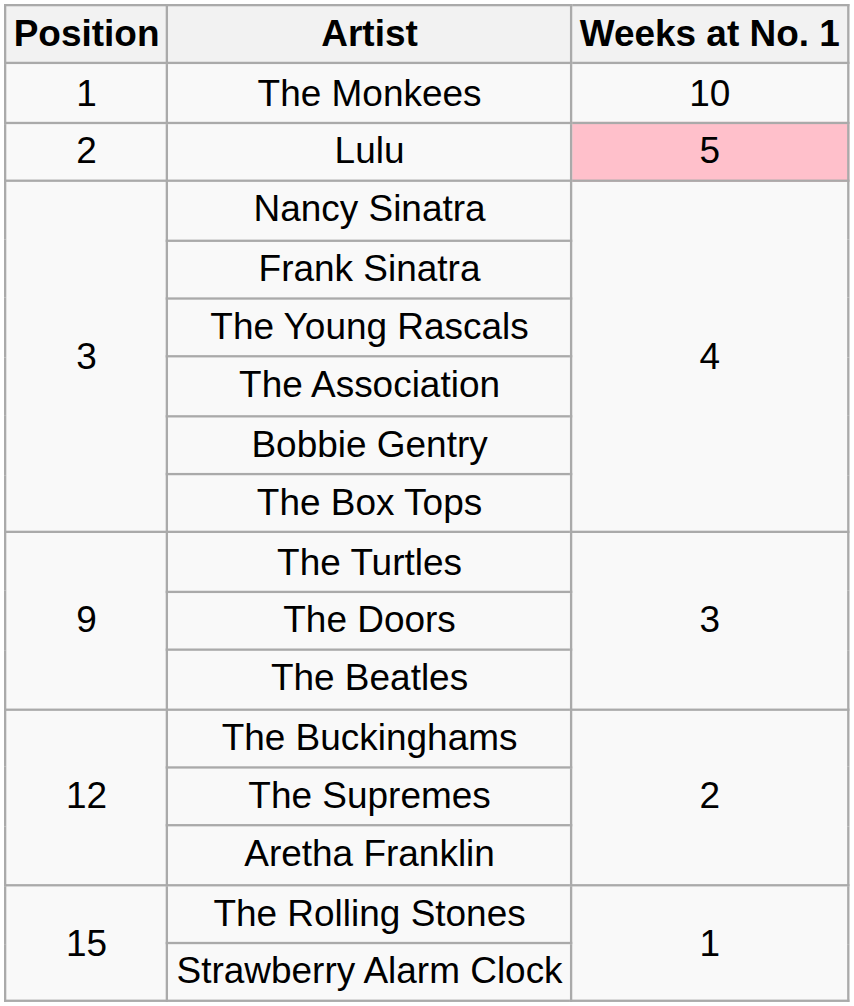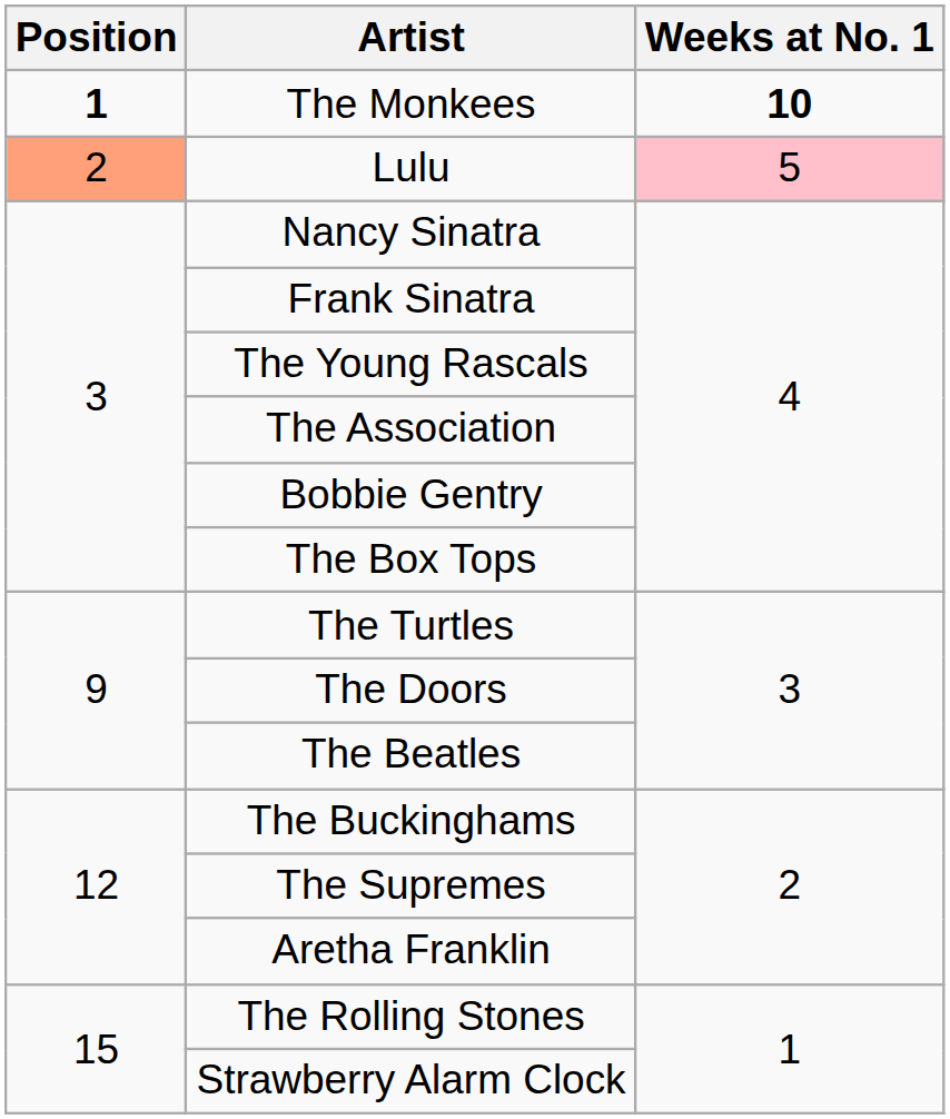 <table class="wikitable plainrowheaders" style="text-align:center;">
 <tr>
 <th>Position</th>
 <th>Artist</th>
 <th>Weeks at No. 1</th>
 </tr>
 <tr>
-<td>1</td>
+<td><strong>1</strong></td>
 <td>The Monkees</td>
-<td>10</td>
+<td><strong>10</strong></td>
 </tr>
 <tr>
-<td>2</td>
+<td style="background: lightsalmon;">2</td>
 <td>Lulu</td>
 <td style="background: pink;">5</td>
 </tr>
 <tr>
 <td rowspan=6>3</td>
 <td>Nancy Sinatra</td>
 <td rowspan=6>4</td>
 </tr>
 <tr>
 <td>Frank Sinatra</td>
 </tr>
 <tr>
 <td>The Young Rascals</td>
 </tr>
 <tr>
 <td>The Association</td>
 </tr>
 <tr>
 <td>Bobbie Gentry</td>
 </tr>
 <tr>
 <td>The Box Tops</td>
 </tr>
 <tr>
 <td rowspan=3>9</td>
 <td>The Turtles</td>
 <td rowspan=3>3</td>
 </tr>
 <tr>
 <td>The Doors</td>
 </tr>
 <tr>
 <td>The Beatles</td>
 </tr>
 <tr>
 <td rowspan=3>12</td>
 <td>The Buckinghams</td>
 <td rowspan=3>2</td>
 </tr>
 <tr>
 <td>The Supremes</td>
 </tr>
 <tr>
 <td>Aretha Franklin</td>
 </tr>
 <tr>
 <td rowspan=2>15</td>
 <td>The Rolling Stones</td>
 <td rowspan=2>1</td>
 </tr>
 <tr>
 <td>Strawberry Alarm Clock</td>
 </tr>
 </table>
